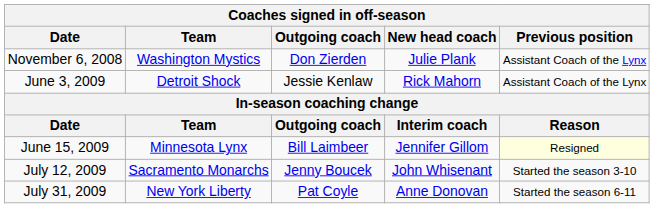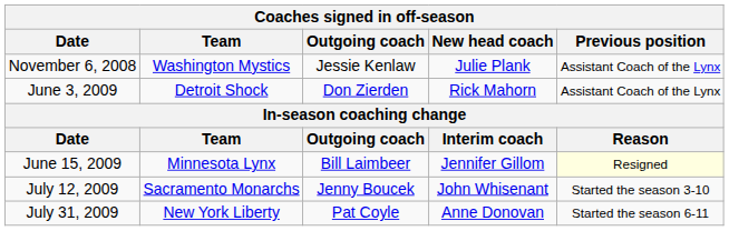 <table class="wikitable" style="text-align:center;">
 <tr>
 <th colspan="6">Coaches signed in off-season</th>
 </tr>
 <tr>
 <th>Date</th>
 <th>Team</th>
 <th>Outgoing coach</th>
 <th>New head coach</th>
 <th>Previous position</th>
 </tr>
 <tr>
 <td>November 6, 2008</td>
 <td><a href='#'>Washington Mystics</a></td>
-<td><a href='#'>Don Zierden</a></td>
+<td>Jessie Kenlaw</td>
 <td><a href='#'>Julie Plank</a></td>
 <td><small>Assistant Coach of the <a href='#'>Lynx</a></small></td>
 </tr>
 <tr>
 <td>June 3, 2009</td>
 <td><a href='#'>Detroit Shock</a></td>
-<td>Jessie Kenlaw</td>
+<td><a href='#'>Don Zierden</a></td>
 <td><a href='#'>Rick Mahorn</a></td>
 <td><small>Assistant Coach of the Lynx</small></td>
 </tr>
 <tr>
 <th colspan="6">In-season coaching change</th>
 </tr>
 <tr>
 <th>Date</th>
 <th>Team</th>
 <th>Outgoing coach</th>
 <th>Interim coach</th>
 <th>Reason</th>
 </tr>
 <tr>
 <td>June 15, 2009</td>
 <td><a href='#'>Minnesota Lynx</a></td>
 <td><a href='#'>Bill Laimbeer</a></td>
 <td><a href='#'>Jennifer Gillom</a></td>
 <td style="background: lightyellow;"><small>Resigned</small></td>
 </tr>
 <tr>
 <td>July 12, 2009</td>
 <td><a href='#'>Sacramento Monarchs</a></td>
 <td><a href='#'>Jenny Boucek</a></td>
 <td><a href='#'>John Whisenant</a></td>
 <td><small>Started the season 3-10</small></td>
 </tr>
 <tr>
 <td>July 31, 2009</td>
 <td><a href='#'>New York Liberty</a></td>
 <td><a href='#'>Pat Coyle</a></td>
 <td><a href='#'>Anne Donovan</a></td>
 <td><small>Started the season 6-11</small></td>
 </tr>
 </table>
